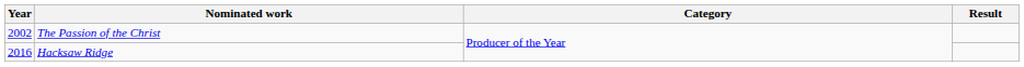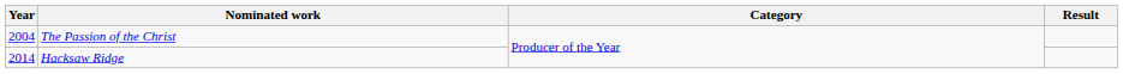 <table class="wikitable">
 <tr>
 <th scope="col" style="width:1em;">Year</th>
 <th scope="col" style="width:35em;">Nominated work</th>
 <th scope="col" style="width:40em;">Category</th>
 <th scope="col" style="width:5em;">Result</th>
 </tr>
 <tr>
-<td><a href='#'>2002</a></td>
+<td><a href='#'>2004</a></td>
 <td><em><a href='#'>The Passion of the Christ</a></em></td>
 <td rowspan="2"><a href='#'>Producer of the Year</a></td>
 <td></td>
 </tr>
 <tr>
-<td><a href='#'>2016</a></td>
+<td><a href='#'>2014</a></td>
 <td><em><a href='#'>Hacksaw Ridge</a></em></td>
 <td></td>
 </tr>
 </table>
